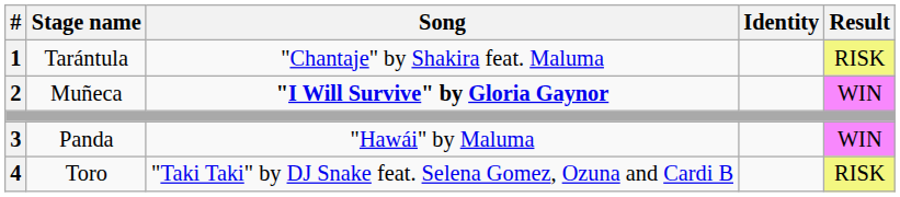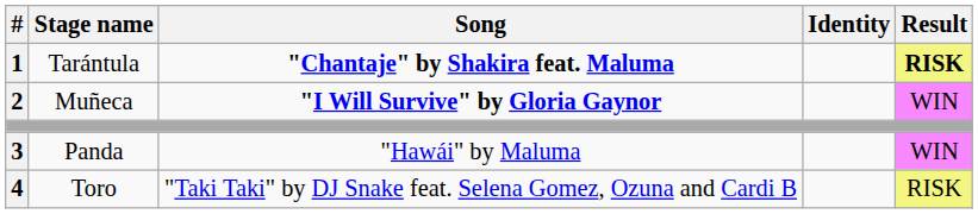 <table class="wikitable plainrowheaders" style="text-align: center">
 <tr>
 <th>#</th>
 <th>Stage name</th>
 <th>Song</th>
 <th>Identity</th>
 <th>Result</th>
 </tr>
 <tr>
 <th>1</th>
 <td>Tarántula</td>
-<td>"<a href='#'>Chantaje</a>" by <a href='#'>Shakira</a> feat. <a href='#'>Maluma</a></td>
+<td><strong>"<a href='#'>Chantaje</a>" by <a href='#'>Shakira</a> feat. <a href='#'>Maluma</a></strong></td>
 <td></td>
-<td bgcolor=#F3F781>RISK</td>
+<td bgcolor=#F3F781><strong>RISK</strong></td>
 </tr>
 <tr>
 <th>2</th>
 <td>Muñeca</td>
 <td><strong>"<a href='#'>I Will Survive</a>" by <a href='#'>Gloria Gaynor</a></strong></td>
 <td></td>
 <td bgcolor=#F888FD>WIN</td>
 </tr>
 <tr>
 <td colspan="5" style="background:darkgray"></td>
 </tr>
 <tr>
 <th>3</th>
 <td>Panda</td>
 <td>"<a href='#'>Hawái</a>" by <a href='#'>Maluma</a></td>
 <td></td>
 <td bgcolor=#F888FD>WIN</td>
 </tr>
 <tr>
 <th>4</th>
 <td>Toro</td>
 <td>"<a href='#'>Taki Taki</a>" by <a href='#'>DJ Snake</a> feat. <a href='#'>Selena Gomez</a>, <a href='#'>Ozuna</a> and <a href='#'>Cardi B</a></td>
 <td></td>
 <td bgcolor=#F3F781>RISK</td>
 </tr>
 </table>
